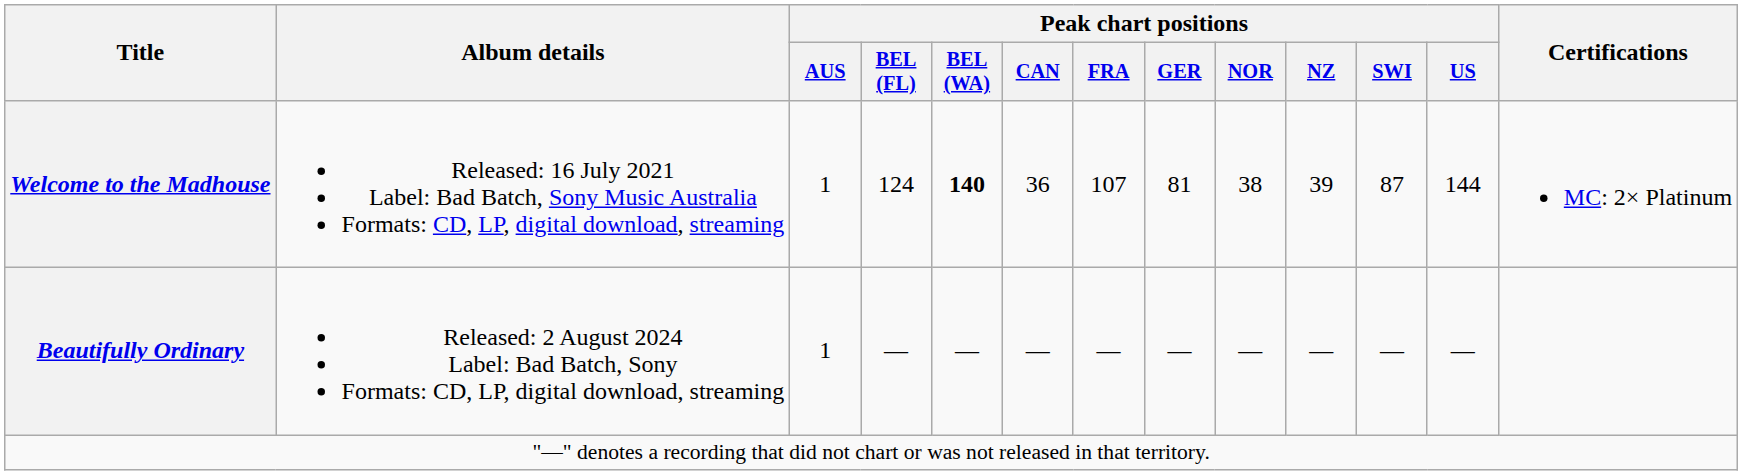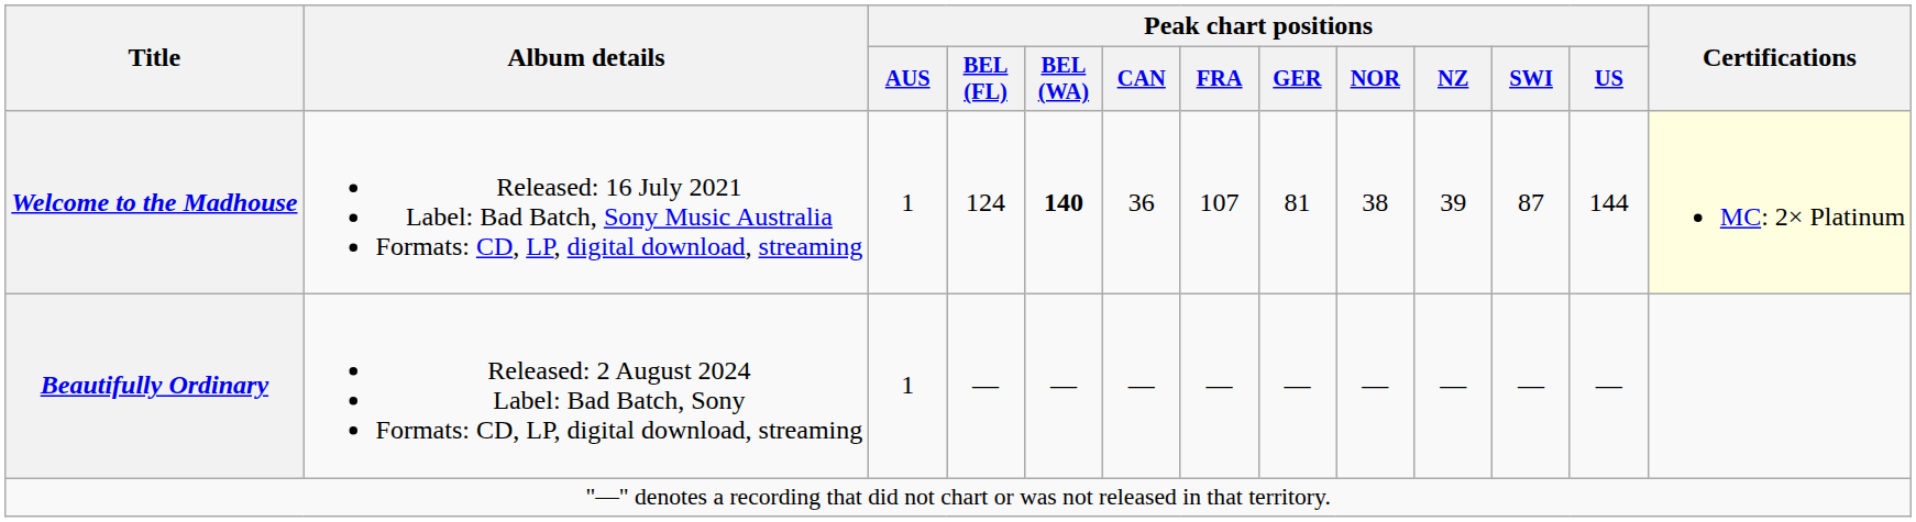 <table class="wikitable plainrowheaders" style="text-align:center;">
 <tr>
 <th scope="col" rowspan="2">Title</th>
 <th scope="col" rowspan="2">Album details</th>
 <th scope="col" colspan="10">Peak chart positions</th>
 <th scope="col" rowspan="2">Certifications</th>
 </tr>
 <tr>
 <th scope="col" style="width:3em;font-size:85%;"><a href='#'>AUS</a><br></th>
 <th scope="col" style="width:3em;font-size:85%;"><a href='#'>BEL<br>(FL)</a><br></th>
 <th scope="col" style="width:3em;font-size:85%;"><a href='#'>BEL<br>(WA)</a><br></th>
 <th scope="col" style="width:3em;font-size:85%;"><a href='#'>CAN</a><br></th>
 <th scope="col" style="width:3em;font-size:85%;"><a href='#'>FRA</a><br></th>
 <th scope="col" style="width:3em;font-size:85%;"><a href='#'>GER</a><br></th>
 <th scope="col" style="width:3em;font-size:85%;"><a href='#'>NOR</a><br></th>
 <th scope="col" style="width:3em;font-size:85%;"><a href='#'>NZ</a><br></th>
 <th scope="col" style="width:3em;font-size:85%;"><a href='#'>SWI</a><br></th>
 <th scope="col" style="width:3em;font-size:85%;"><a href='#'>US</a><br></th>
 </tr>
 <tr>
 <th scope="row"><em><a href='#'>Welcome to the Madhouse</a></em></th>
 <td><br><ul><li>Released: 16 July 2021</li><li>Label: Bad Batch, <a href='#'>Sony Music Australia</a></li><li>Formats: <a href='#'>CD</a>, <a href='#'>LP</a>, <a href='#'>digital download</a>, <a href='#'>streaming</a></li></ul></td>
 <td>1</td>
 <td>124</td>
 <td><strong>140</strong></td>
 <td>36</td>
 <td>107</td>
 <td>81</td>
 <td>38</td>
 <td>39</td>
 <td>87</td>
 <td>144</td>
-<td><br><ul><li><a href='#'>MC</a>: 2× Platinum</li></ul></td>
+<td style="background: lightyellow;"><br><ul><li><a href='#'>MC</a>: 2× Platinum</li></ul></td>
 </tr>
 <tr>
 <th scope="row"><em><a href='#'>Beautifully Ordinary</a></em></th>
 <td><br><ul><li>Released: 2 August 2024</li><li>Label: Bad Batch, Sony</li><li>Formats: CD, LP, digital download, streaming</li></ul></td>
 <td>1<br></td>
 <td>—</td>
 <td>—</td>
 <td>—</td>
 <td>—</td>
 <td>—</td>
 <td>—</td>
 <td>—</td>
 <td>—</td>
 <td>—</td>
 <td></td>
 </tr>
 <tr>
 <td colspan="15" style="font-size:90%">"—" denotes a recording that did not chart or was not released in that territory.</td>
 </tr>
 </table>
